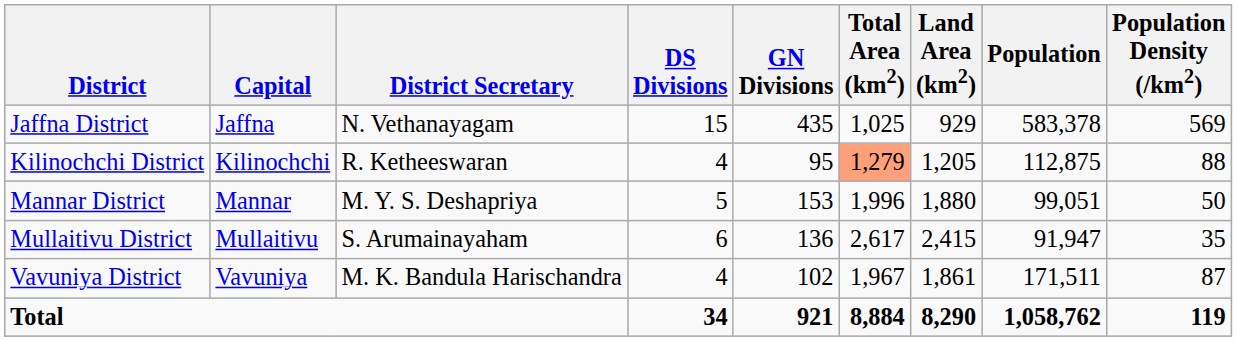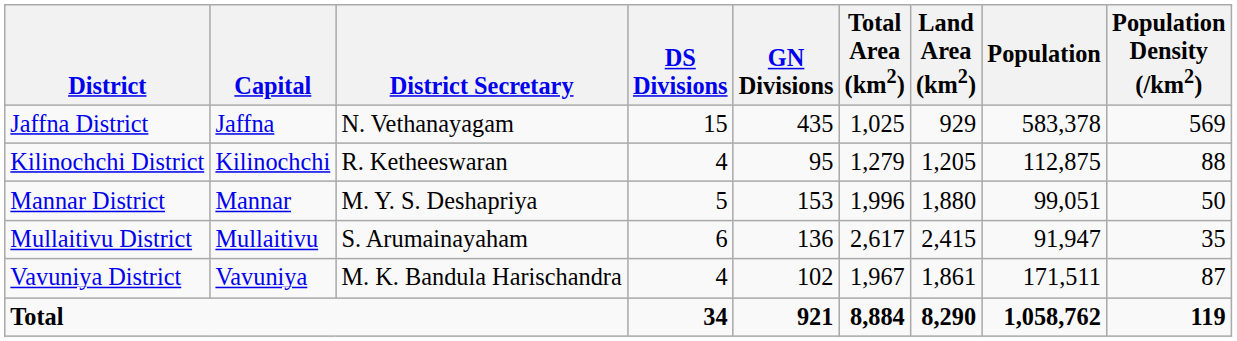 <table class="wikitable sortable"  style="text-align:right;">
 <tr>
 <th style="vertical-align:bottom;"><a href='#'>District</a></th>
 <th style="vertical-align:bottom;"><a href='#'>Capital</a></th>
 <th style="vertical-align:bottom;"><a href='#'>District Secretary</a></th>
 <th style="vertical-align:bottom;"><a href='#'>DS<br>Divisions</a></th>
 <th style="vertical-align:bottom;"><a href='#'>GN</a><br>Divisions</th>
 <th style="vertical-align:bottom;">Total<br>Area<br>(km<sup>2</sup>)</th>
 <th style="vertical-align:bottom;">Land<br>Area<br>(km<sup>2</sup>)</th>
 <th>Population</th>
 <th style="vertical-align:bottom;">Population<br>Density<br>(/km<sup>2</sup>)</th>
 </tr>
 <tr>
 <td align="left"><a href='#'>Jaffna District</a></td>
 <td align="left"><a href='#'>Jaffna</a></td>
 <td align="left">N. Vethanayagam</td>
 <td>15</td>
 <td>435</td>
 <td>1,025</td>
 <td>929</td>
 <td>583,378</td>
 <td>569</td>
 </tr>
 <tr>
 <td align="left"><a href='#'>Kilinochchi District</a></td>
 <td align="left"><a href='#'>Kilinochchi</a></td>
 <td align="left">R. Ketheeswaran</td>
 <td>4</td>
 <td>95</td>
-<td style="background: lightsalmon;">1,279</td>
+<td>1,279</td>
 <td>1,205</td>
 <td>112,875</td>
 <td>88</td>
 </tr>
 <tr>
 <td align="left"><a href='#'>Mannar District</a></td>
 <td align="left"><a href='#'>Mannar</a></td>
 <td align="left">M. Y. S. Deshapriya</td>
 <td>5</td>
 <td>153</td>
 <td>1,996</td>
 <td>1,880</td>
 <td>99,051</td>
 <td>50</td>
 </tr>
 <tr>
 <td align="left"><a href='#'>Mullaitivu District</a></td>
 <td align="left"><a href='#'>Mullaitivu</a></td>
 <td align="left">S. Arumainayaham</td>
 <td>6</td>
 <td>136</td>
 <td>2,617</td>
 <td>2,415</td>
 <td>91,947</td>
 <td>35</td>
 </tr>
 <tr>
 <td align="left"><a href='#'>Vavuniya District</a></td>
 <td align="left"><a href='#'>Vavuniya</a></td>
 <td align="left">M. K. Bandula Harischandra</td>
 <td>4</td>
 <td>102</td>
 <td>1,967</td>
 <td>1,861</td>
 <td>171,511</td>
 <td>87</td>
 </tr>
 <tr style="font-weight:bold">
 <td colspan="3" align="left">Total</td>
 <td>34</td>
 <td>921</td>
 <td>8,884</td>
 <td>8,290</td>
 <td>1,058,762</td>
 <td>119</td>
 </tr>
 </table>
